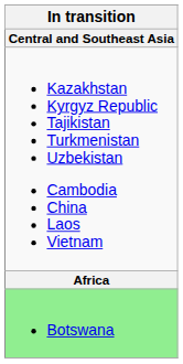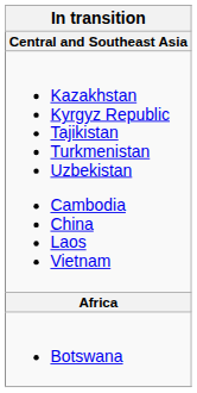 <table class="wikitable">
 <tr>
 </tr>
 <tr>
 <th>In transition</th>
 </tr>
 <tr>
 <th style="border-left-color:gray; padding-top:0px; padding-bottom:0px;"><small>Central and Southeast Asia</small></th>
 </tr>
 <tr>
 <td style="border-left-color:gray; padding-top:0px;"><br><ul><li><a href='#'>Kazakhstan</a></li><li><a href='#'>Kyrgyz Republic</a></li><li><a href='#'>Tajikistan</a></li><li><a href='#'>Turkmenistan</a></li><li><a href='#'>Uzbekistan</a></li></ul><div></div><ul><li><a href='#'>Cambodia</a></li><li><a href='#'>China</a></li><li><a href='#'>Laos</a></li><li><a href='#'>Vietnam</a></li></ul></td>
 </tr>
 <tr>
 <th style="border-left-color:gray; padding-top:0px; padding-bottom:0px;"><small>Africa</small></th>
 </tr>
 <tr>
-<td style="background: lightgreen; border-left-color:gray; padding-top:0px;"><br><ul><li><a href='#'>Botswana</a></li></ul></td>
+<td style="border-left-color:gray; padding-top:0px;"><br><ul><li><a href='#'>Botswana</a></li></ul></td>
 </tr>
 <tr>
 </tr>
 </table>
